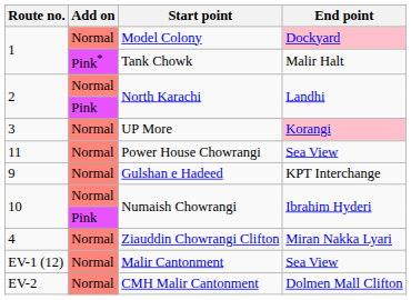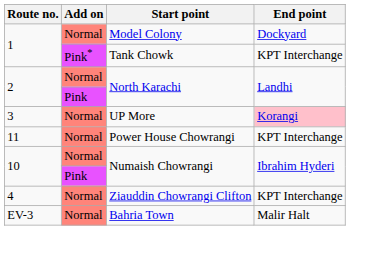 <table class="wikitable">
 <tr>
 <th>Route no.</th>
 <th>Add on</th>
 <th>Start point</th>
 <th>End point</th>
 </tr>
 <tr>
 <td rowspan="2">1</td>
 <td style="background:#ff847a">Normal</td>
 <td><a href='#'>Model Colony</a></td>
-<td style="background: pink;"><a href='#'>Dockyard</a></td>
+<td><a href='#'>Dockyard</a></td>
 </tr>
 <tr>
 <td style=background:#e852ff>Pink<sup>*</sup></td>
 <td>Tank Chowk</td>
-<td>Malir Halt</td>
+<td>KPT Interchange</td>
 </tr>
 <tr>
 <td rowspan="2">2</td>
 <td style="background:#ff847a">Normal</td>
 <td rowspan="2"><a href='#'>North Karachi</a></td>
 <td rowspan="2"><a href='#'>Landhi</a></td>
 </tr>
 <tr>
 <td style=background:#e852ff>Pink</td>
 </tr>
 <tr>
 <td>3</td>
 <td style="background:#ff847a">Normal</td>
 <td>UP More</td>
 <td style="background: pink;"><a href='#'>Korangi</a></td>
 </tr>
 <tr>
 <td>11</td>
 <td style="background:#ff847a">Normal</td>
 <td>Power House Chowrangi</td>
-<td><a href='#'>Sea View</a></td>
-</tr>
-<tr>
-<td>9</td>
-<td style="background:#ff847a">Normal</td>
-<td><a href='#'>Gulshan e Hadeed</a></td>
 <td>KPT Interchange</td>
 </tr>
 <tr>
 <td rowspan="2">10</td>
 <td style="background:#ff847a">Normal</td>
 <td rowspan="2">Numaish Chowrangi</td>
 <td rowspan="2"><a href='#'>Ibrahim Hyderi</a></td>
 </tr>
 <tr>
 <td style=background:#e852ff>Pink</td>
 </tr>
 <tr>
 <td>4</td>
 <td style="background:#ff847a">Normal</td>
 <td><a href='#'>Ziauddin Chowrangi Clifton</a></td>
-<td><a href='#'>Miran Nakka Lyari</a></td>
+<td>KPT Interchange</td>
 </tr>
 <tr>
-<td>EV-1 (12)</td>
+<td>EV-3</td>
 <td style="background:#ff847a">Normal</td>
-<td><a href='#'>Malir Cantonment</a></td>
-<td><a href='#'>Sea View</a></td>
-</tr>
-<tr>
-<td>EV-2</td>
-<td style="background:#ff847a">Normal</td>
-<td><a href='#'>CMH Malir Cantonment</a></td>
-<td><a href='#'>Dolmen Mall Clifton</a></td>
+<td><a href='#'>Bahria Town</a></td>
+<td>Malir Halt</td>
 </tr>
 </table>
